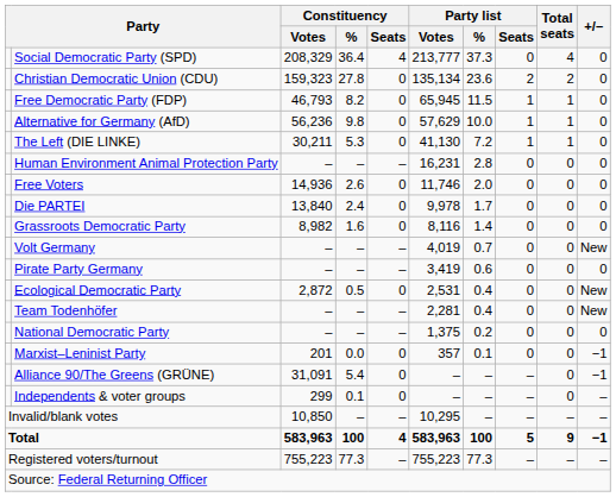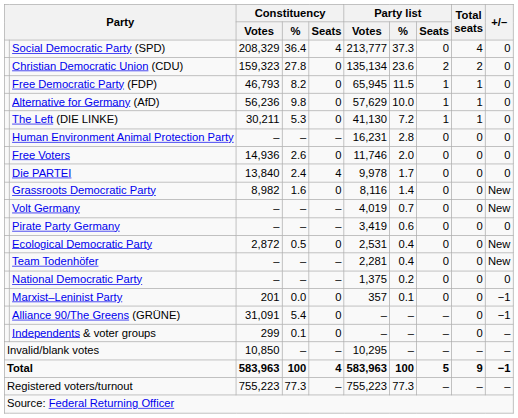 <table class="wikitable" style="text-align:right">
 <tr>
 <th colspan="2" rowspan="2">Party</th>
 <th colspan="3">Constituency</th>
 <th colspan="3">Party list</th>
 <th rowspan="2">Total<br>seats</th>
 <th rowspan="2">+/–</th>
 </tr>
 <tr>
 <th>Votes</th>
 <th>%</th>
 <th>Seats</th>
 <th>Votes</th>
 <th>%</th>
 <th>Seats</th>
 </tr>
 <tr>
 <td></td>
 <td align="left"><a href='#'>Social Democratic Party</a> (SPD)</td>
 <td>208,329</td>
 <td>36.4</td>
 <td>4</td>
 <td>213,777</td>
 <td>37.3</td>
 <td>0</td>
 <td>4</td>
 <td>0</td>
 </tr>
 <tr>
 <td></td>
 <td align="left"><a href='#'>Christian Democratic Union</a> (CDU)</td>
 <td>159,323</td>
 <td>27.8</td>
 <td>0</td>
 <td>135,134</td>
 <td>23.6</td>
 <td>2</td>
 <td>2</td>
 <td>0</td>
 </tr>
 <tr>
 <td></td>
 <td align="left"><a href='#'>Free Democratic Party</a> (FDP)</td>
 <td>46,793</td>
 <td>8.2</td>
 <td>0</td>
 <td>65,945</td>
 <td>11.5</td>
 <td>1</td>
 <td>1</td>
 <td>0</td>
 </tr>
 <tr>
 <td></td>
 <td align="left"><a href='#'>Alternative for Germany</a> (AfD)</td>
 <td>56,236</td>
 <td>9.8</td>
 <td>0</td>
 <td>57,629</td>
 <td>10.0</td>
 <td>1</td>
 <td>1</td>
 <td>0</td>
 </tr>
 <tr>
 <td></td>
 <td align="left"><a href='#'>The Left</a> (DIE LINKE)</td>
 <td>30,211</td>
 <td>5.3</td>
 <td>0</td>
 <td>41,130</td>
 <td>7.2</td>
 <td>1</td>
 <td>1</td>
 <td>0</td>
 </tr>
 <tr>
 <td style="background-color:"></td>
 <td align="left"><a href='#'>Human Environment Animal Protection Party</a></td>
 <td>–</td>
 <td>–</td>
 <td>–</td>
 <td>16,231</td>
 <td>2.8</td>
 <td>0</td>
 <td>0</td>
 <td>0</td>
 </tr>
 <tr>
 <td style="background-color:"></td>
 <td align="left"><a href='#'>Free Voters</a></td>
 <td>14,936</td>
 <td>2.6</td>
 <td>0</td>
 <td>11,746</td>
 <td>2.0</td>
 <td>0</td>
 <td>0</td>
 <td>0</td>
 </tr>
 <tr>
 <td style="background-color:"></td>
 <td align="left"><a href='#'>Die PARTEI</a></td>
 <td>13,840</td>
 <td>2.4</td>
-<td>0</td>
+<td>4</td>
 <td>9,978</td>
 <td>1.7</td>
 <td>0</td>
 <td>0</td>
 <td>0</td>
 </tr>
 <tr>
 <td style="background-color:"></td>
 <td align="left"><a href='#'>Grassroots Democratic Party</a></td>
 <td>8,982</td>
 <td>1.6</td>
 <td>0</td>
 <td>8,116</td>
 <td>1.4</td>
 <td>0</td>
 <td>0</td>
-<td>0</td>
+<td>New</td>
 </tr>
 <tr>
 <td style="background-color:"></td>
 <td align="left"><a href='#'>Volt Germany</a></td>
 <td>–</td>
 <td>–</td>
 <td>–</td>
 <td>4,019</td>
 <td>0.7</td>
 <td>0</td>
 <td>0</td>
 <td>New</td>
 </tr>
 <tr>
 <td style="background-color:"></td>
 <td align="left"><a href='#'>Pirate Party Germany</a></td>
 <td>–</td>
 <td>–</td>
 <td>–</td>
 <td>3,419</td>
 <td>0.6</td>
 <td>0</td>
 <td>0</td>
 <td>0</td>
 </tr>
 <tr>
 <td style="background-color:"></td>
 <td align="left"><a href='#'>Ecological Democratic Party</a></td>
 <td>2,872</td>
 <td>0.5</td>
 <td>0</td>
 <td>2,531</td>
 <td>0.4</td>
 <td>0</td>
 <td>0</td>
 <td>New</td>
 </tr>
 <tr>
 <td style="background-color:"></td>
 <td align="left"><a href='#'>Team Todenhöfer</a></td>
 <td>–</td>
 <td>–</td>
 <td>–</td>
 <td>2,281</td>
 <td>0.4</td>
 <td>0</td>
 <td>0</td>
 <td>New</td>
 </tr>
 <tr>
 <td style="background-color:"></td>
 <td align="left"><a href='#'>National Democratic Party</a></td>
 <td>–</td>
 <td>–</td>
 <td>–</td>
 <td>1,375</td>
 <td>0.2</td>
 <td>0</td>
 <td>0</td>
 <td>0</td>
 </tr>
 <tr>
 <td style="background-color:"></td>
 <td align="left"><a href='#'>Marxist–Leninist Party</a></td>
 <td>201</td>
 <td>0.0</td>
 <td>0</td>
 <td>357</td>
 <td>0.1</td>
 <td>0</td>
 <td>0</td>
 <td>−1</td>
 </tr>
 <tr>
 <td></td>
 <td align="left"><a href='#'>Alliance 90/The Greens</a> (GRÜNE)</td>
 <td>31,091</td>
 <td>5.4</td>
 <td>0</td>
 <td>–</td>
 <td>–</td>
 <td>–</td>
 <td>0</td>
 <td>−1</td>
 </tr>
 <tr>
 <td style="background-color:"></td>
 <td align="left"><a href='#'>Independents</a> & voter groups</td>
 <td>299</td>
 <td>0.1</td>
 <td>0</td>
 <td>–</td>
 <td>–</td>
 <td>–</td>
 <td>0</td>
 <td>–</td>
 </tr>
 <tr>
 <td colspan="2" align="left">Invalid/blank votes</td>
 <td>10,850</td>
 <td>–</td>
 <td>–</td>
 <td>10,295</td>
 <td>–</td>
 <td>–</td>
 <td>–</td>
 <td>–</td>
 </tr>
 <tr>
 <td colspan="2" align="left"><strong>Total</strong></td>
 <td><strong>583,963</strong></td>
 <td><strong>100</strong></td>
 <td><strong>4</strong></td>
 <td><strong>583,963</strong></td>
 <td><strong>100</strong></td>
 <td><strong>5</strong></td>
 <td><strong>9</strong></td>
 <td><strong>−1</strong></td>
 </tr>
 <tr>
 <td colspan="2" align="left">Registered voters/turnout</td>
 <td>755,223</td>
 <td>77.3</td>
 <td>–</td>
 <td>755,223</td>
 <td>77.3</td>
 <td>–</td>
 <td>–</td>
 <td>–</td>
 </tr>
 <tr>
 <td colspan="10" align="left">Source: <a href='#'>Federal Returning Officer</a></td>
 </tr>
 </table>
